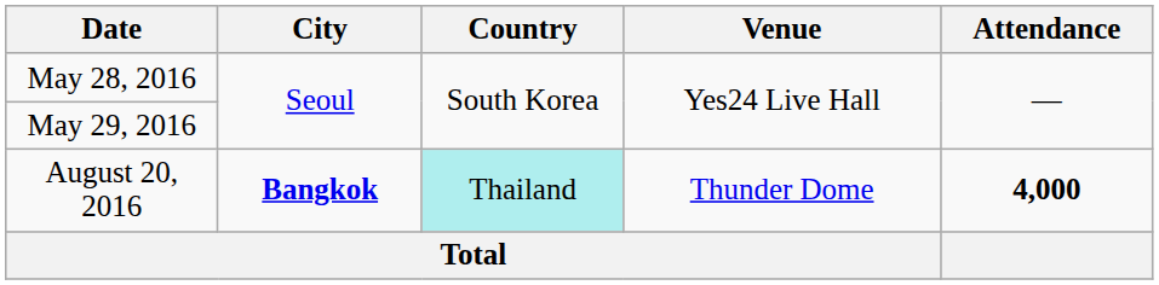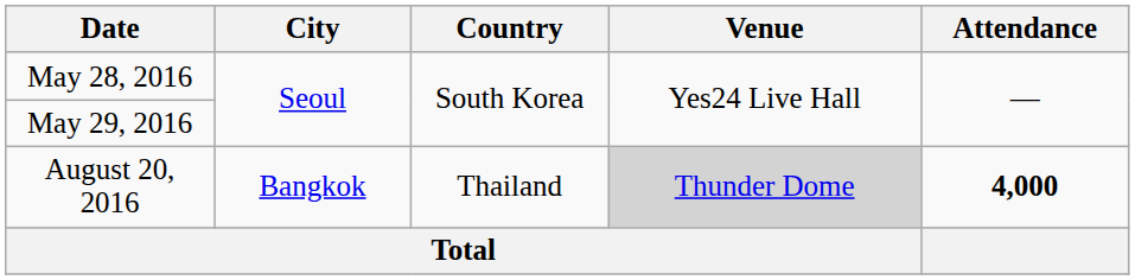 <table class="wikitable" style="text-align:center;">
 <tr>
 <th scope="col" style="width:12em">Date</th>
 <th scope="col" style="width:10em">City</th>
 <th scope="col" style="width:10em">Country</th>
 <th scope="col" style="width:20em">Venue</th>
 <th scope="col" style="width:9em">Attendance</th>
 </tr>
 <tr>
 <td>May 28, 2016</td>
 <td rowspan=2><a href='#'>Seoul</a></td>
 <td rowspan=2>South Korea</td>
 <td rowspan=2>Yes24 Live Hall</td>
 <td rowspan=2>—</td>
 </tr>
 <tr>
 <td>May 29, 2016</td>
 </tr>
 <tr>
 <td>August 20, 2016</td>
-<td><strong><a href='#'>Bangkok</a></strong></td>
-<td style="background: paleturquoise;">Thailand</td>
-<td><a href='#'>Thunder Dome</a></td>
+<td><a href='#'>Bangkok</a></td>
+<td>Thailand</td>
+<td style="background: lightgrey;"><a href='#'>Thunder Dome</a></td>
 <td><strong>4,000</strong></td>
 </tr>
 <tr>
 <th colspan=4><strong>Total</strong></th>
 <th></th>
 </tr>
 </table>
